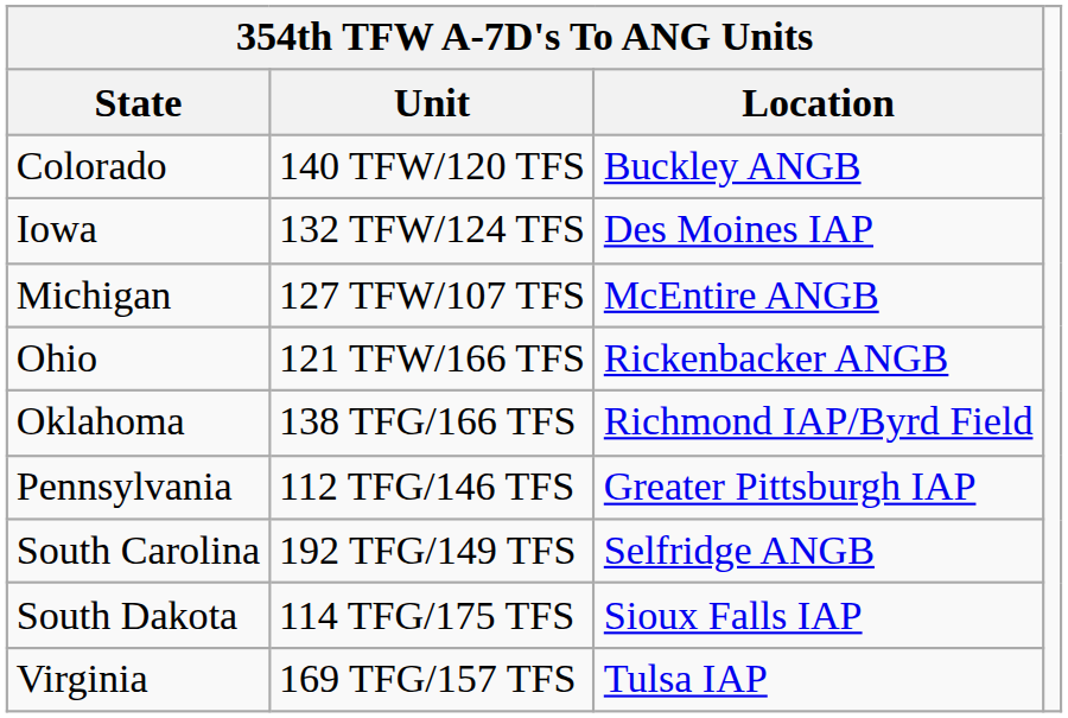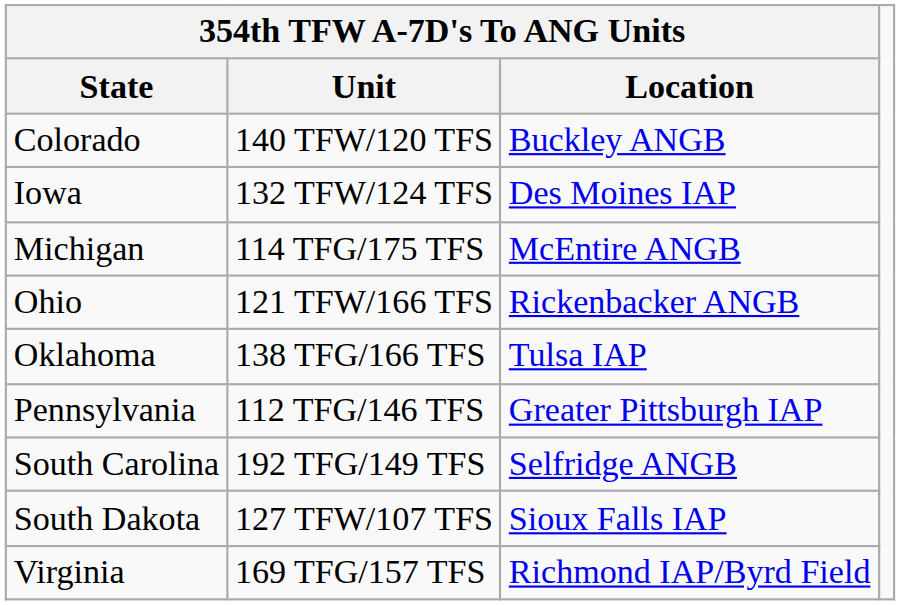 <table class="wikitable" style="margin:auto">
 <tr>
 <th colspan=3>354th TFW A-7D's To ANG Units</th>
 <td rowspan=11><br></td>
 </tr>
 <tr>
 <th>State</th>
 <th>Unit</th>
 <th>Location</th>
 </tr>
 <tr>
 <td>Colorado</td>
 <td>140 TFW/120 TFS</td>
 <td><a href='#'>Buckley ANGB</a></td>
 </tr>
 <tr>
 <td>Iowa</td>
 <td>132 TFW/124 TFS</td>
 <td><a href='#'>Des Moines IAP</a></td>
 </tr>
 <tr>
 <td>Michigan</td>
-<td>127 TFW/107 TFS</td>
+<td>114 TFG/175 TFS</td>
 <td><a href='#'>McEntire ANGB</a></td>
 </tr>
 <tr>
 <td>Ohio</td>
 <td>121 TFW/166 TFS</td>
 <td><a href='#'>Rickenbacker ANGB</a></td>
 </tr>
 <tr>
 <td>Oklahoma</td>
 <td>138 TFG/166 TFS</td>
-<td><a href='#'>Richmond IAP/Byrd Field</a></td>
+<td><a href='#'>Tulsa IAP</a></td>
 </tr>
 <tr>
 <td>Pennsylvania</td>
 <td>112 TFG/146 TFS</td>
 <td><a href='#'>Greater Pittsburgh IAP</a></td>
 </tr>
 <tr>
 <td>South Carolina</td>
 <td>192 TFG/149 TFS</td>
 <td><a href='#'>Selfridge ANGB</a></td>
 </tr>
 <tr>
 <td>South Dakota</td>
-<td>114 TFG/175 TFS</td>
+<td>127 TFW/107 TFS</td>
 <td><a href='#'>Sioux Falls IAP</a></td>
 </tr>
 <tr>
 <td>Virginia</td>
 <td>169 TFG/157 TFS</td>
-<td><a href='#'>Tulsa IAP</a></td>
+<td><a href='#'>Richmond IAP/Byrd Field</a></td>
 </tr>
 </table>
